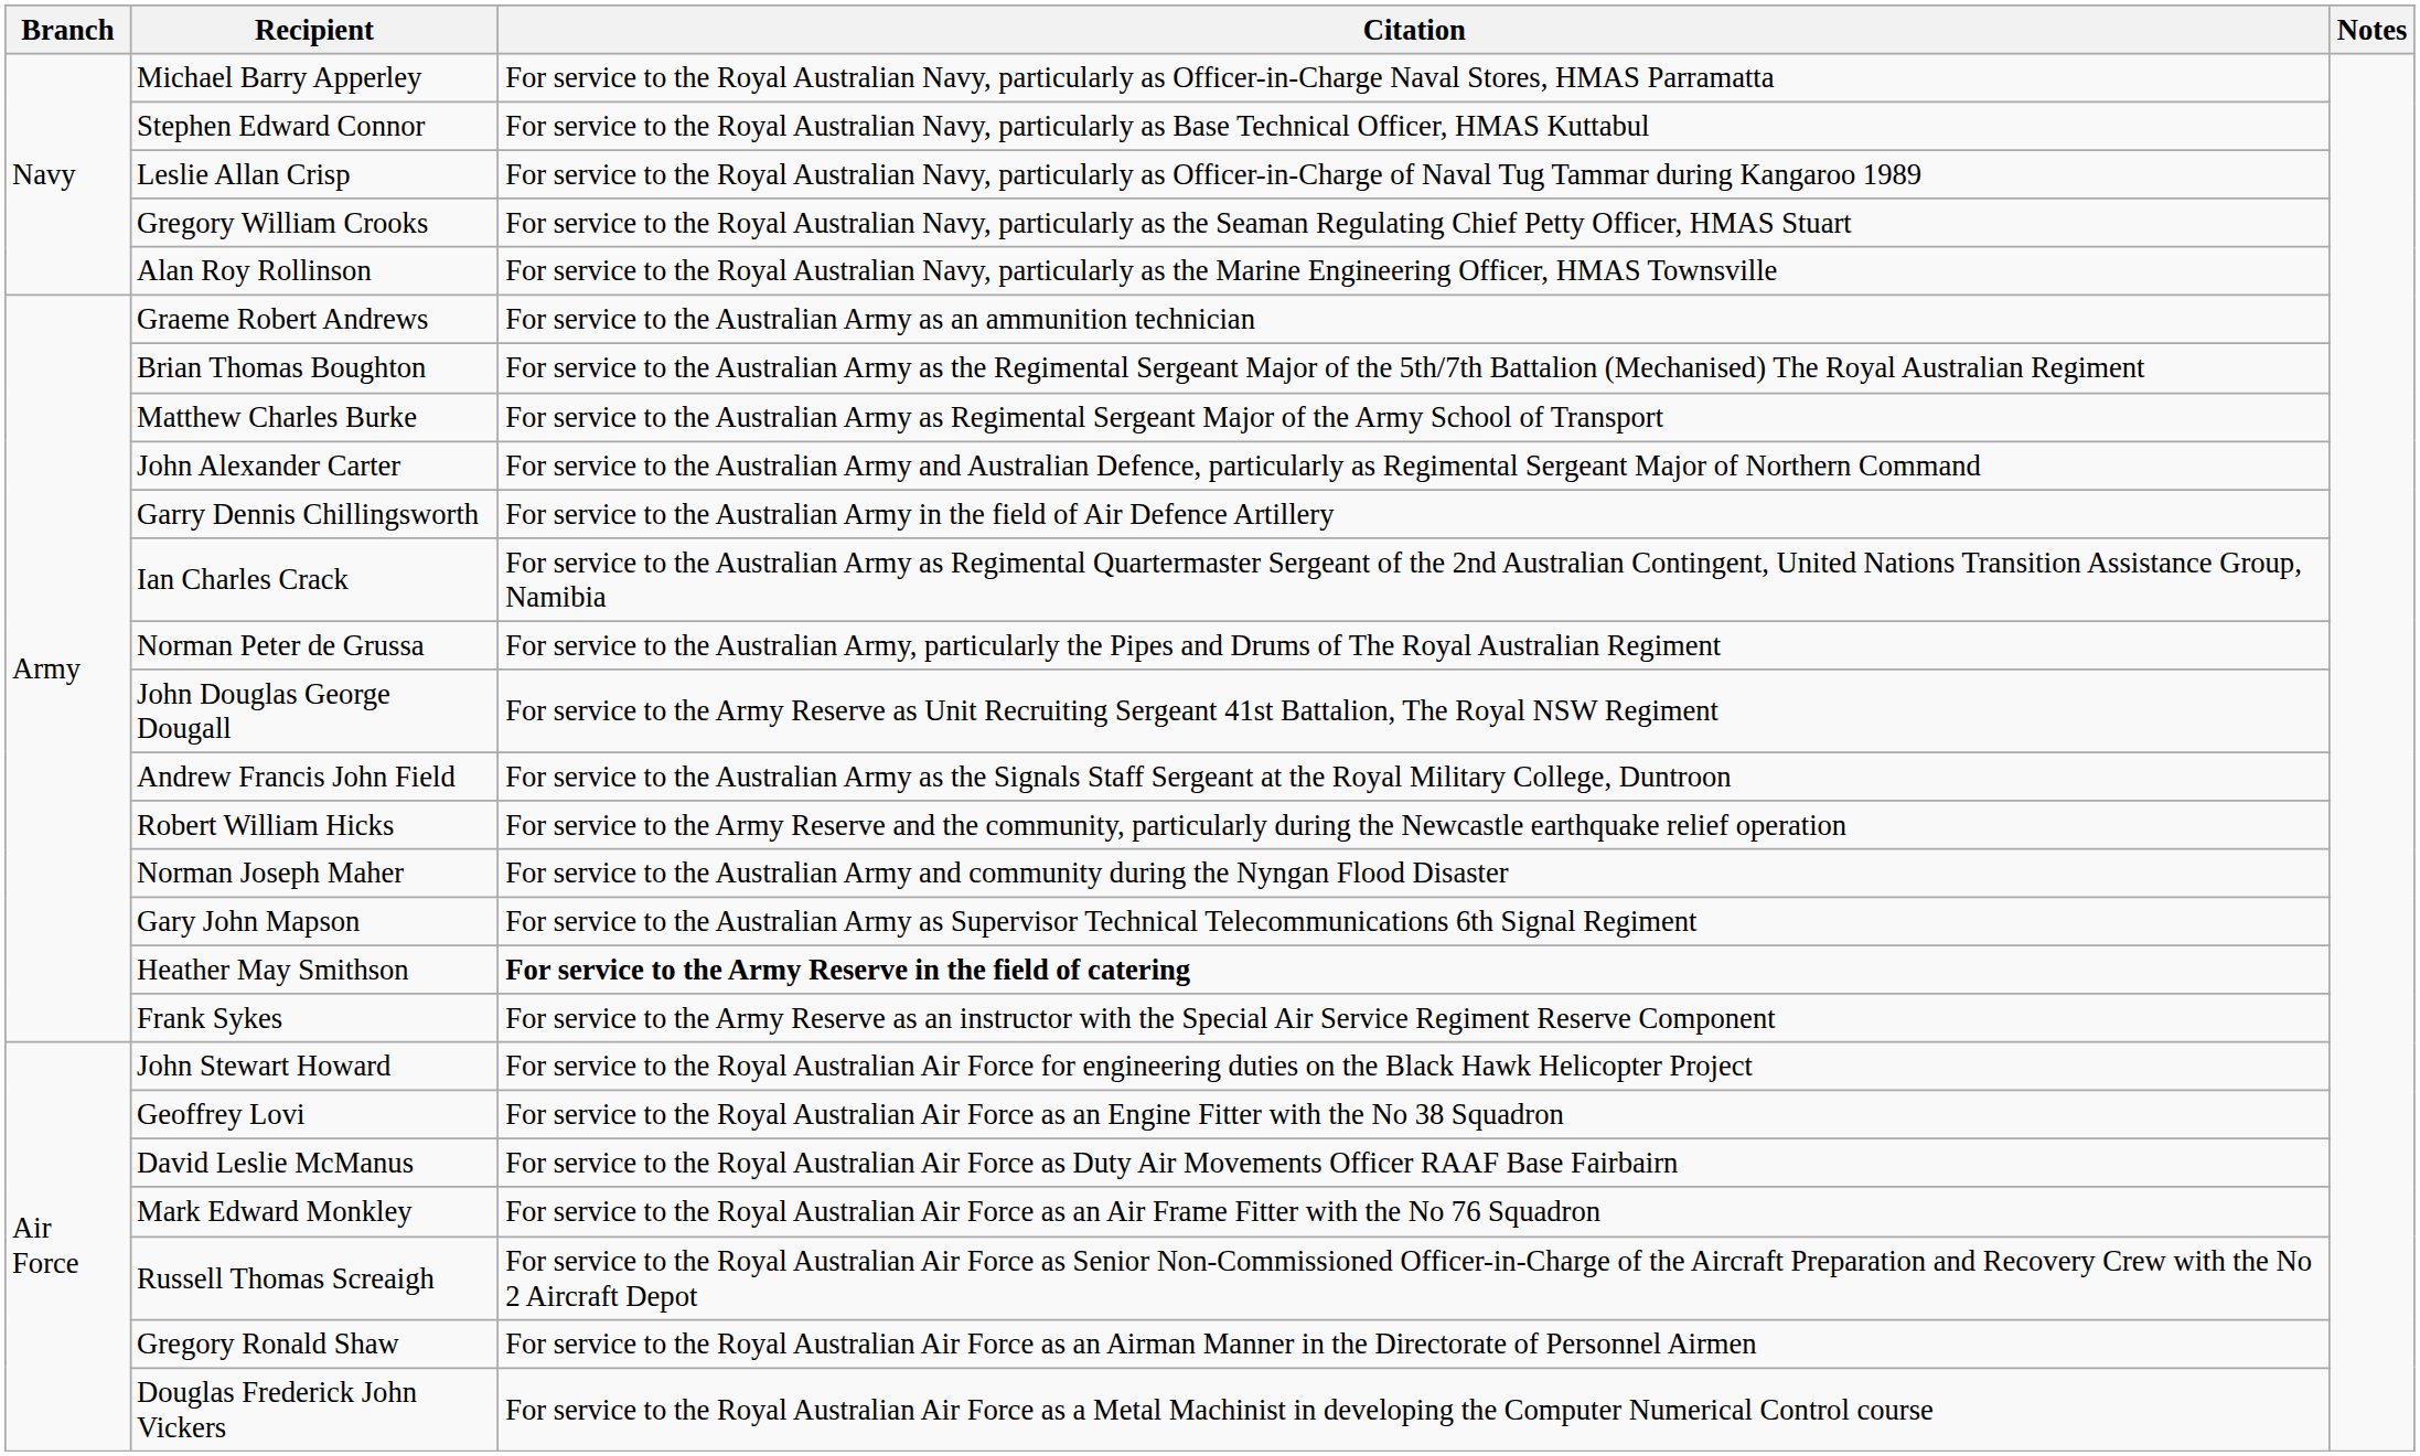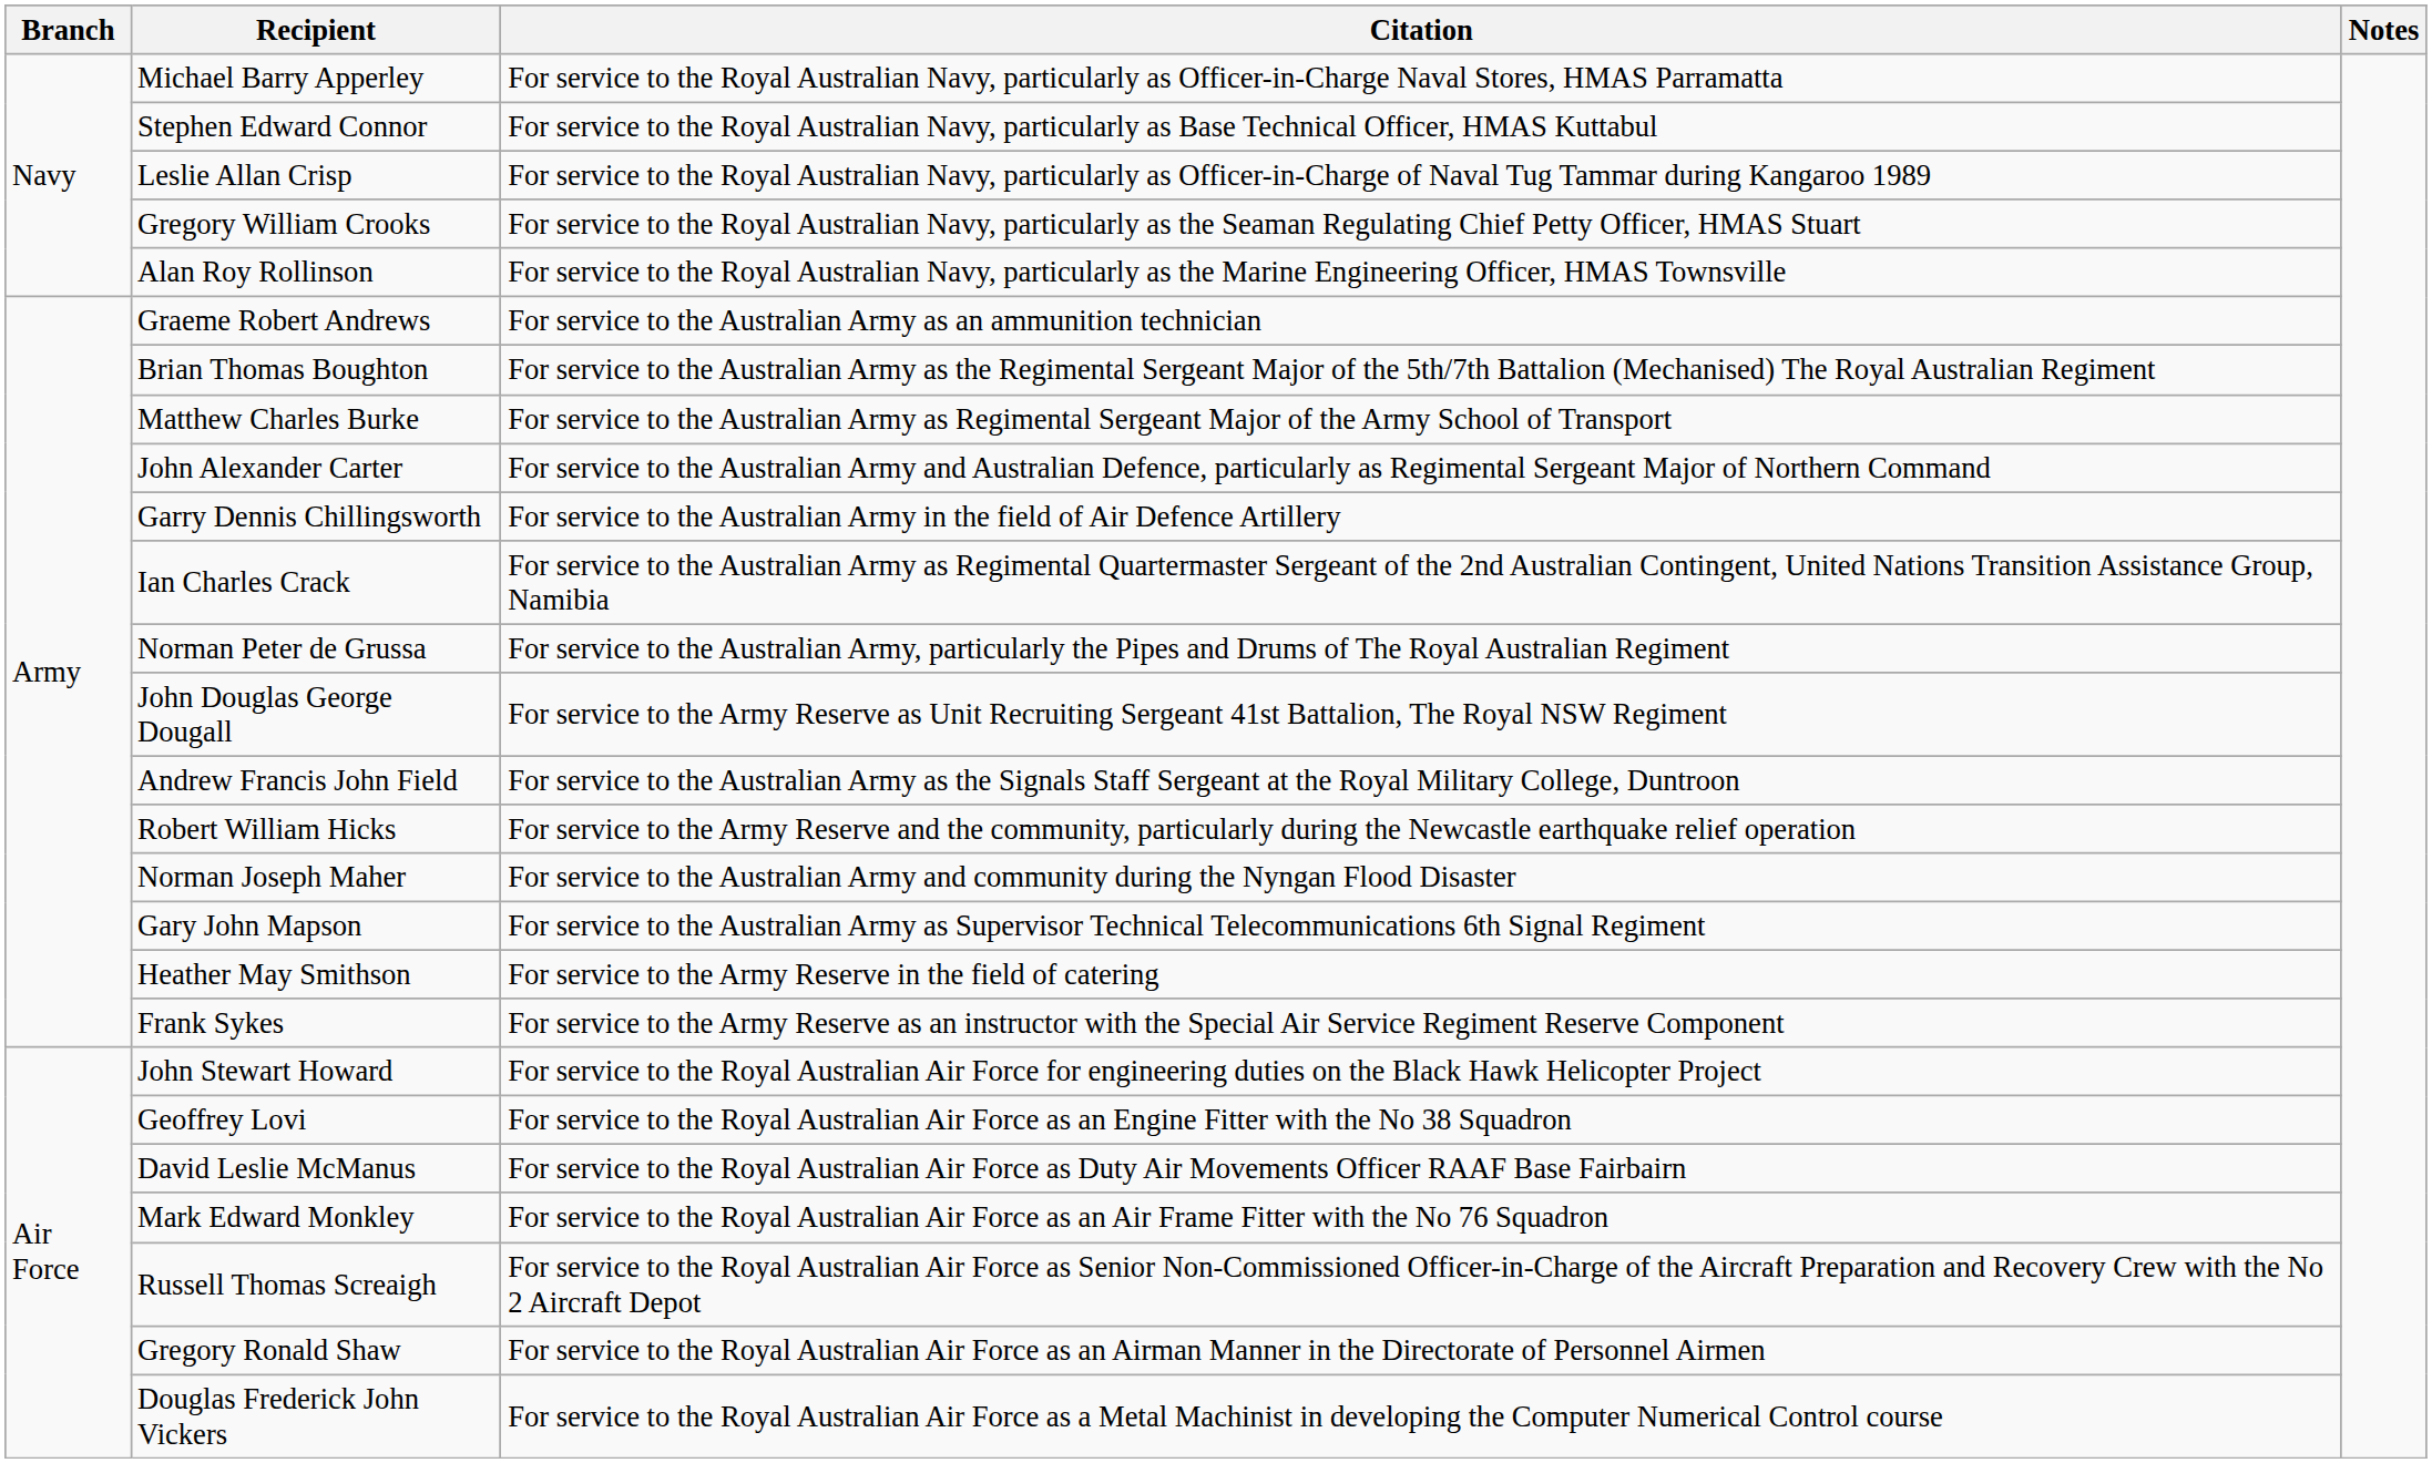 <table class="wikitable" style="font-size:95%;">
 <tr>
 <th>Branch</th>
 <th>Recipient</th>
 <th>Citation</th>
 <th>Notes</th>
 </tr>
 <tr>
 <td rowspan=5>Navy</td>
 <td> Michael Barry Apperley</td>
 <td>For service to the Royal Australian Navy, particularly as Officer-in-Charge Naval Stores, HMAS Parramatta</td>
 <td rowspan=26></td>
 </tr>
 <tr>
 <td> Stephen Edward Connor</td>
 <td>For service to the Royal Australian Navy, particularly as Base Technical Officer, HMAS Kuttabul</td>
 </tr>
 <tr>
 <td> Leslie Allan Crisp</td>
 <td>For service to the Royal Australian Navy, particularly as Officer-in-Charge of Naval Tug Tammar during Kangaroo 1989</td>
 </tr>
 <tr>
 <td> Gregory William Crooks</td>
 <td>For service to the Royal Australian Navy, particularly as the Seaman Regulating Chief Petty Officer, HMAS Stuart</td>
 </tr>
 <tr>
 <td> Alan Roy Rollinson</td>
 <td>For service to the Royal Australian Navy, particularly as the Marine Engineering Officer, HMAS Townsville</td>
 </tr>
 <tr>
 <td rowspan=14>Army</td>
 <td> Graeme Robert Andrews</td>
 <td>For service to the Australian Army as an ammunition technician</td>
 </tr>
 <tr>
 <td> Brian Thomas Boughton</td>
 <td>For service to the Australian Army as the Regimental Sergeant Major of the 5th/7th Battalion (Mechanised) The Royal Australian Regiment</td>
 </tr>
 <tr>
 <td> Matthew Charles Burke</td>
 <td>For service to the Australian Army as Regimental Sergeant Major of the Army School of Transport</td>
 </tr>
 <tr>
 <td> John Alexander Carter</td>
 <td>For service to the Australian Army and Australian Defence, particularly as Regimental Sergeant Major of Northern Command</td>
 </tr>
 <tr>
 <td> Garry Dennis Chillingsworth</td>
 <td>For service to the Australian Army in the field of Air Defence Artillery</td>
 </tr>
 <tr>
 <td> Ian Charles Crack</td>
 <td>For service to the Australian Army as Regimental Quartermaster Sergeant of the 2nd Australian Contingent, United Nations Transition Assistance Group, Namibia</td>
 </tr>
 <tr>
 <td> Norman Peter de Grussa</td>
 <td>For service to the Australian Army, particularly the Pipes and Drums of The Royal Australian Regiment</td>
 </tr>
 <tr>
 <td> John Douglas George Dougall</td>
 <td>For service to the Army Reserve as Unit Recruiting Sergeant 41st Battalion, The Royal NSW Regiment</td>
 </tr>
 <tr>
 <td> Andrew Francis John Field</td>
 <td>For service to the Australian Army as the Signals Staff Sergeant at the Royal Military College, Duntroon</td>
 </tr>
 <tr>
 <td> Robert William Hicks</td>
 <td>For service to the Army Reserve and the community, particularly during the Newcastle earthquake relief operation</td>
 </tr>
 <tr>
 <td> Norman Joseph Maher</td>
 <td>For service to the Australian Army and community during the Nyngan Flood Disaster</td>
 </tr>
 <tr>
 <td> Gary John Mapson</td>
 <td>For service to the Australian Army as Supervisor Technical Telecommunications 6th Signal Regiment</td>
 </tr>
 <tr>
 <td> Heather May Smithson</td>
-<td><strong>For service to the Army Reserve in the field of catering</strong></td>
+<td>For service to the Army Reserve in the field of catering</td>
 </tr>
 <tr>
 <td> Frank Sykes</td>
 <td>For service to the Army Reserve as an instructor with the Special Air Service Regiment Reserve Component</td>
 </tr>
 <tr>
 <td rowspan=7>Air Force</td>
 <td> John Stewart Howard</td>
 <td>For service to the Royal Australian Air Force for engineering duties on the Black Hawk Helicopter Project</td>
 </tr>
 <tr>
 <td> Geoffrey Lovi</td>
 <td>For service to the Royal Australian Air Force as an Engine Fitter with the No 38 Squadron</td>
 </tr>
 <tr>
 <td> David Leslie McManus</td>
 <td>For service to the Royal Australian Air Force as Duty Air Movements Officer RAAF Base Fairbairn</td>
 </tr>
 <tr>
 <td> Mark Edward Monkley</td>
 <td>For service to the Royal Australian Air Force as an Air Frame Fitter with the No 76 Squadron</td>
 </tr>
 <tr>
 <td> Russell Thomas Screaigh</td>
 <td>For service to the Royal Australian Air Force as Senior Non-Commissioned Officer-in-Charge of the Aircraft Preparation and Recovery Crew with the No 2 Aircraft Depot</td>
 </tr>
 <tr>
 <td> Gregory Ronald Shaw</td>
 <td>For service to the Royal Australian Air Force as an Airman Manner in the Directorate of Personnel Airmen</td>
 </tr>
 <tr>
 <td> Douglas Frederick John Vickers</td>
 <td>For service to the Royal Australian Air Force as a Metal Machinist in developing the Computer Numerical Control course</td>
 </tr>
 </table>
